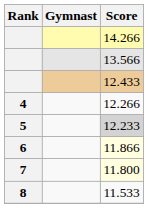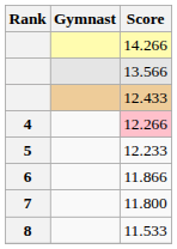 <table class="wikitable sortable" style="text-align:center; font-size:95%">
 <tr>
 <th scope=col>Rank</th>
 <th scope=col>Gymnast</th>
 <th scope=col>Score</th>
 </tr>
 <tr bgcolor=fffcaf>
 <th scope=row style="text-align:center"></th>
 <td align=left></td>
 <td>14.266</td>
 </tr>
 <tr bgcolor=e5e5e5>
 <th scope=row style="text-align:center"></th>
 <td align=left></td>
 <td>13.566</td>
 </tr>
 <tr bgcolor=eecc99>
 <th scope=row style="text-align:center"></th>
 <td align=left></td>
 <td>12.433</td>
 </tr>
 <tr>
 <th scope=row style="text-align:center">4</th>
 <td align=left></td>
-<td>12.266</td>
+<td style="background: pink;">12.266</td>
 </tr>
 <tr>
 <th scope=row style="text-align:center">5</th>
 <td align=left></td>
-<td style="background: lightgrey;">12.233</td>
+<td>12.233</td>
 </tr>
 <tr>
 <th scope=row style="text-align:center">6</th>
 <td align=left></td>
-<td style="background: lightyellow;">11.866</td>
+<td>11.866</td>
 </tr>
 <tr>
 <th scope=row style="text-align:center">7</th>
 <td align=left></td>
-<td style="background: lightyellow;">11.800</td>
+<td>11.800</td>
 </tr>
 <tr>
 <th scope=row style="text-align:center">8</th>
 <td align=left></td>
 <td>11.533</td>
 </tr>
 <tr>
 </tr>
 </table>
